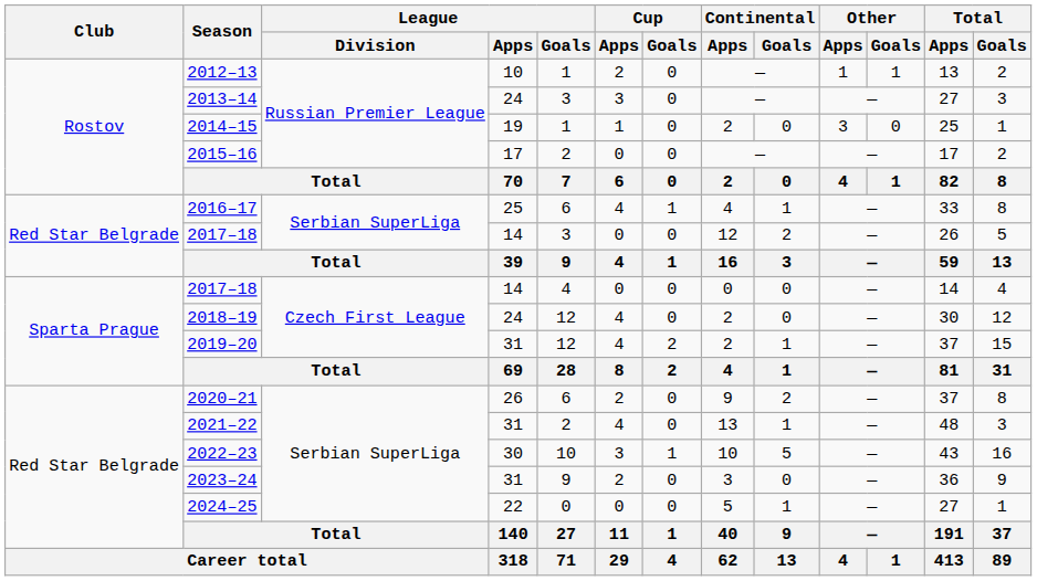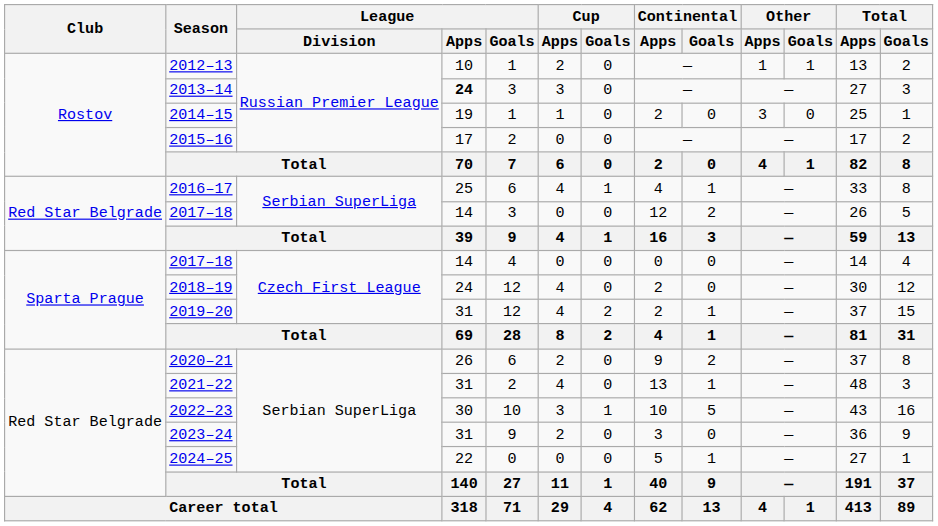 <table class="wikitable" style="text-align:center">
 <tr>
 <th rowspan="2">Club</th>
 <th rowspan="2">Season</th>
 <th colspan="3">League</th>
 <th colspan="2">Cup</th>
 <th colspan="2">Continental</th>
 <th colspan="2">Other</th>
 <th colspan="2">Total</th>
 </tr>
 <tr>
 <th>Division</th>
 <th>Apps</th>
 <th>Goals</th>
 <th>Apps</th>
 <th>Goals</th>
 <th>Apps</th>
 <th>Goals</th>
 <th>Apps</th>
 <th>Goals</th>
 <th>Apps</th>
 <th>Goals</th>
 </tr>
 <tr>
 <td rowspan="5"><a href='#'>Rostov</a></td>
 <td><a href='#'>2012–13</a></td>
 <td rowspan="4"><a href='#'>Russian Premier League</a></td>
 <td>10</td>
 <td>1</td>
 <td>2</td>
 <td>0</td>
 <td colspan="2">—</td>
 <td>1</td>
 <td>1</td>
 <td>13</td>
 <td>2</td>
 </tr>
 <tr>
 <td><a href='#'>2013–14</a></td>
-<td>24</td>
+<td><strong>24</strong></td>
 <td>3</td>
 <td>3</td>
 <td>0</td>
 <td colspan="2">—</td>
 <td colspan="2">—</td>
 <td>27</td>
 <td>3</td>
 </tr>
 <tr>
 <td><a href='#'>2014–15</a></td>
 <td>19</td>
 <td>1</td>
 <td>1</td>
 <td>0</td>
 <td>2</td>
 <td>0</td>
 <td>3</td>
 <td>0</td>
 <td>25</td>
 <td>1</td>
 </tr>
 <tr>
 <td><a href='#'>2015–16</a></td>
 <td>17</td>
 <td>2</td>
 <td>0</td>
 <td>0</td>
 <td colspan="2">—</td>
 <td colspan="2">—</td>
 <td>17</td>
 <td>2</td>
 </tr>
 <tr>
 <th colspan="2">Total</th>
 <th>70</th>
 <th>7</th>
 <th>6</th>
 <th>0</th>
 <th>2</th>
 <th>0</th>
 <th>4</th>
 <th>1</th>
 <th>82</th>
 <th>8</th>
 </tr>
 <tr>
 <td rowspan="3"><a href='#'>Red Star Belgrade</a></td>
 <td><a href='#'>2016–17</a></td>
 <td rowspan="2"><a href='#'>Serbian SuperLiga</a></td>
 <td>25</td>
 <td>6</td>
 <td>4</td>
 <td>1</td>
 <td>4</td>
 <td>1</td>
 <td colspan="2">—</td>
 <td>33</td>
 <td>8</td>
 </tr>
 <tr>
 <td><a href='#'>2017–18</a></td>
 <td>14</td>
 <td>3</td>
 <td>0</td>
 <td>0</td>
 <td>12</td>
 <td>2</td>
 <td colspan="2">—</td>
 <td>26</td>
 <td>5</td>
 </tr>
 <tr>
 <th colspan="2">Total</th>
 <th>39</th>
 <th>9</th>
 <th>4</th>
 <th>1</th>
 <th>16</th>
 <th>3</th>
 <th colspan="2">—</th>
 <th>59</th>
 <th>13</th>
 </tr>
 <tr>
 <td rowspan="4"><a href='#'>Sparta Prague</a></td>
 <td><a href='#'>2017–18</a></td>
 <td rowspan="3"><a href='#'>Czech First League</a></td>
 <td>14</td>
 <td>4</td>
 <td>0</td>
 <td>0</td>
 <td>0</td>
 <td>0</td>
 <td colspan="2">—</td>
 <td>14</td>
 <td>4</td>
 </tr>
 <tr>
 <td><a href='#'>2018–19</a></td>
 <td>24</td>
 <td>12</td>
 <td>4</td>
 <td>0</td>
 <td>2</td>
 <td>0</td>
 <td colspan="2">—</td>
 <td>30</td>
 <td>12</td>
 </tr>
 <tr>
 <td><a href='#'>2019–20</a></td>
 <td>31</td>
 <td>12</td>
 <td>4</td>
 <td>2</td>
 <td>2</td>
 <td>1</td>
 <td colspan="2">—</td>
 <td>37</td>
 <td>15</td>
 </tr>
 <tr>
 <th colspan="2">Total</th>
 <th>69</th>
 <th>28</th>
 <th>8</th>
 <th>2</th>
 <th>4</th>
 <th>1</th>
 <th colspan="2">—</th>
 <th>81</th>
 <th>31</th>
 </tr>
 <tr>
 <td rowspan="6">Red Star Belgrade</td>
 <td><a href='#'>2020–21</a></td>
 <td rowspan="5">Serbian SuperLiga</td>
 <td>26</td>
 <td>6</td>
 <td>2</td>
 <td>0</td>
 <td>9</td>
 <td>2</td>
 <td colspan="2">—</td>
 <td>37</td>
 <td>8</td>
 </tr>
 <tr>
 <td><a href='#'>2021–22</a></td>
 <td>31</td>
 <td>2</td>
 <td>4</td>
 <td>0</td>
 <td>13</td>
 <td>1</td>
 <td colspan="2">—</td>
 <td>48</td>
 <td>3</td>
 </tr>
 <tr>
 <td><a href='#'>2022–23</a></td>
 <td>30</td>
 <td>10</td>
 <td>3</td>
 <td>1</td>
 <td>10</td>
 <td>5</td>
 <td colspan="2">—</td>
 <td>43</td>
 <td>16</td>
 </tr>
 <tr>
 <td><a href='#'>2023–24</a></td>
 <td>31</td>
 <td>9</td>
 <td>2</td>
 <td>0</td>
 <td>3</td>
 <td>0</td>
 <td colspan="2">—</td>
 <td>36</td>
 <td>9</td>
 </tr>
 <tr>
 <td><a href='#'>2024–25</a></td>
 <td>22</td>
 <td>0</td>
 <td>0</td>
 <td>0</td>
 <td>5</td>
 <td>1</td>
 <td colspan="2">—</td>
 <td>27</td>
 <td>1</td>
 </tr>
 <tr>
 <th colspan="2">Total</th>
 <th>140</th>
 <th>27</th>
 <th>11</th>
 <th>1</th>
 <th>40</th>
 <th>9</th>
 <th colspan="2">—</th>
 <th>191</th>
 <th>37</th>
 </tr>
 <tr>
 <th colspan="3">Career total</th>
 <th>318</th>
 <th>71</th>
 <th>29</th>
 <th>4</th>
 <th>62</th>
 <th>13</th>
 <th>4</th>
 <th>1</th>
 <th>413</th>
 <th>89</th>
 </tr>
 </table>
